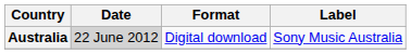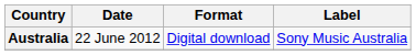 <table class="wikitable plainrowheaders">
 <tr>
 <th scope="col">Country</th>
 <th scope="col">Date</th>
 <th scope="col">Format</th>
 <th scope="col">Label</th>
 </tr>
 <tr>
 <th scope="row">Australia</th>
-<td style="background: lightgrey;">22 June 2012</td>
+<td>22 June 2012</td>
 <td><a href='#'>Digital download</a></td>
 <td><a href='#'>Sony Music Australia</a></td>
 </tr>
 <tr>
 </tr>
 </table>
